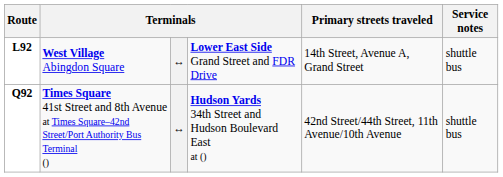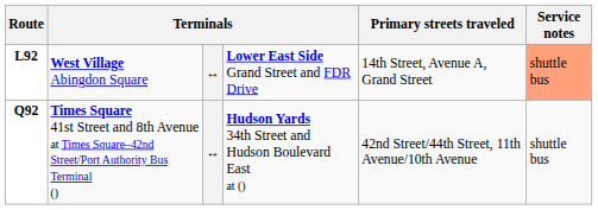 <table class="wikitable" style="font-size: 90%;" |>
 <tr>
 <th>Route</th>
 <th colspan=3>Terminals</th>
 <th>Primary streets traveled</th>
 <th>Service notes</th>
 </tr>
 <tr>
 <td style="background:white; color:black" align="center" valign=top><strong>L92</strong><br></td>
 <td><strong><a href='#'>West Village</a></strong><br><a href='#'>Abingdon Square</a><br></td>
 <th><span>↔</span></th>
 <td><strong><a href='#'>Lower East Side</a></strong><br>Grand Street and <a href='#'>FDR Drive</a></td>
 <td>14th Street, Avenue A, Grand Street</td>
-<td> shuttle bus</td>
+<td style="background: lightsalmon;"> shuttle bus</td>
 </tr>
 <tr>
 <td style="background:white; color:black" align="center" valign=top><strong>Q92</strong><br></td>
 <td><strong><a href='#'>Times Square</a></strong><br>41st Street and 8th Avenue<br><small>at <a href='#'>Times Square–42nd Street/Port Authority Bus Terminal</a><br>()</small></td>
 <th><span>↔</span></th>
 <td><strong><a href='#'>Hudson Yards</a></strong><br>34th Street and Hudson Boulevard East<br><small>at  ()</small></td>
 <td>42nd Street/44th Street, 11th Avenue/10th Avenue</td>
 <td> shuttle bus</td>
 </tr>
 </table>
